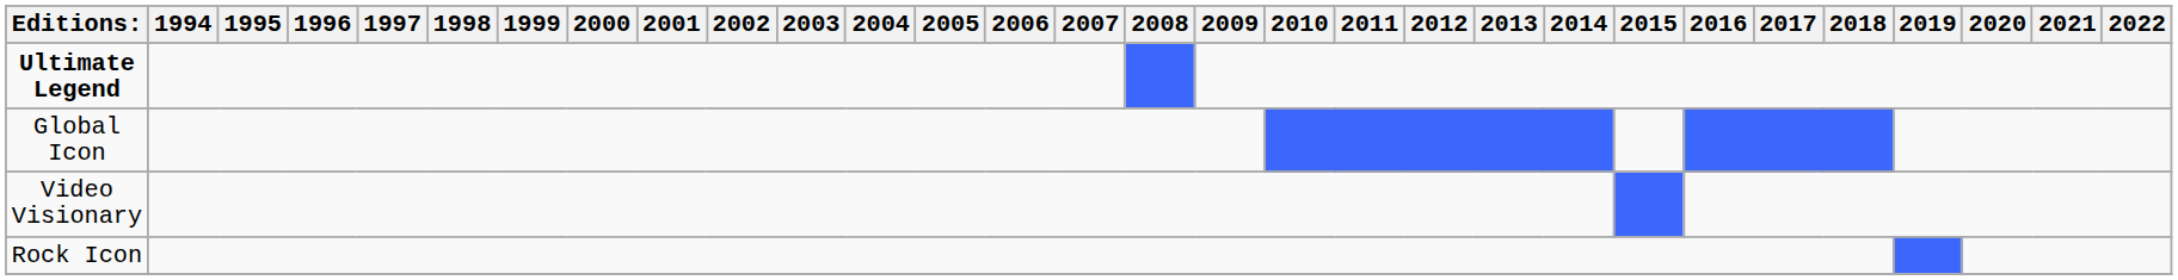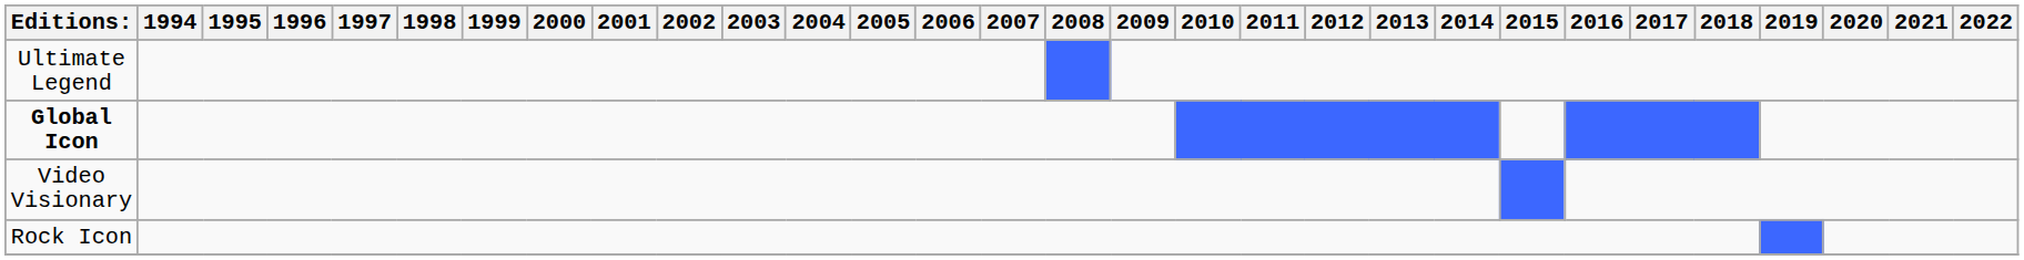 <table class="wikitable" width="100%" cellspacing="0" cellpadding="1" style="font-size:85%; text-align:center; margin:0">
 <tr style="vertical-align:top; text-align:left">
 <th style="text-align:right">Editions:</th>
 <th width="1%" style="border-left:1px solid #C7C7C7">1994</th>
 <th width="1%" style="border-left:1px solid #C7C7C7">1995</th>
 <th width="1%" style="border-left:1px solid #C7C7C7">1996</th>
 <th width="1%" style="border-left:1px solid #C7C7C7">1997</th>
 <th width="1%" style="border-left:1px solid #C7C7C7">1998</th>
 <th width="1%" style="border-left:1px solid #C7C7C7">1999</th>
 <th width="1%" style="border-left:1px solid #C7C7C7">2000</th>
 <th width="1%" style="border-left:1px solid #C7C7C7">2001</th>
 <th width="1%" style="border-left:1px solid #C7C7C7">2002</th>
 <th width="1%" style="border-left:1px solid #C7C7C7">2003</th>
 <th width="1%" style="border-left:1px solid #C7C7C7">2004</th>
 <th width="1%" style="border-left:1px solid #C7C7C7">2005</th>
 <th width="1%" style="border-left:1px solid #C7C7C7">2006</th>
 <th width="1%" style="border-left:1px solid #C7C7C7">2007</th>
 <th width="1%" style="border-left:1px solid #C7C7C7">2008</th>
 <th width="1%" style="border-left:1px solid #C7C7C7">2009</th>
 <th width="1%" style="border-left:1px solid #C7C7C7">2010</th>
 <th width="1%" style="border-left:1px solid #C7C7C7">2011</th>
 <th width="1%" style="border-left:1px solid #C7C7C7">2012</th>
 <th width="1%" style="border-left:1px solid #C7C7C7">2013</th>
 <th width="1%" style="border-left:1px solid #C7C7C7">2014</th>
 <th width="1%" style="border-left:1px solid #C7C7C7">2015</th>
 <th width="1%" style="border-left:1px solid #C7C7C7">2016</th>
 <th width="1%" style="border-left:1px solid #C7C7C7">2017</th>
 <th width="1%" style="border-left:1px solid #C7C7C7">2018</th>
 <th width="1%" style="border-left:1px solid #C7C7C7">2019</th>
 <th width="1%" style="border-left:1px solid #C7C7C7">2020</th>
 <th width="1%" style="border-left:1px solid #C7C7C7">2021</th>
 <th width="1%" style="border-left:1px solid #C7C7C7">2022</th>
 </tr>
 <tr>
-<td width="15%"><strong>Ultimate Legend</strong></td>
+<td width="15%">Ultimate Legend</td>
 <td colspan="14"></td>
 <td style="background:#3C67FF"></td>
 <td colspan="14"></td>
 </tr>
 <tr>
-<td width="15%">Global Icon</td>
+<td width="15%"><strong>Global Icon</strong></td>
 <td colspan="16"></td>
 <td colspan="5" style="background:#3C67FF"></td>
 <td></td>
 <td colspan="3" style="background:#3C67FF"></td>
 <td colspan="4"></td>
 </tr>
 <tr>
 <td width="15%">Video Visionary</td>
 <td colspan="21"></td>
 <td style="background:#3C67FF"></td>
 <td colspan="7"></td>
 </tr>
 <tr>
 <td width="15%">Rock Icon</td>
 <td colspan="25"></td>
 <td style="background:#3C67FF"></td>
 <td colspan="3"></td>
 </tr>
 <tr>
 </tr>
 </table>
